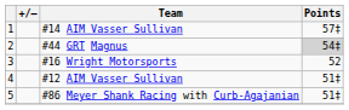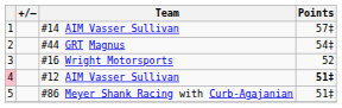 <table class="wikitable" style="font-size: 95%;">
 <tr>
 <th scope="col"></th>
 <th scope="col">+/–</th>
 <th scope="col">Team</th>
 <th scope="col">Points</th>
 </tr>
 <tr>
 <td align=center>1</td>
 <td align="left"></td>
 <td> #14 <a href='#'>AIM Vasser Sullivan</a></td>
 <td align=right>57‡</td>
 </tr>
 <tr>
 <td align=center>2</td>
 <td align="left"></td>
 <td> #44 <a href='#'>GRT</a> <a href='#'>Magnus</a></td>
-<td align=right style="background: lightgrey;">54‡</td>
+<td align=right>54‡</td>
 </tr>
 <tr>
 <td align=center>3</td>
 <td align="left"></td>
 <td> #16 <a href='#'>Wright Motorsports</a></td>
 <td align=right>52</td>
 </tr>
 <tr>
-<td align=center>4</td>
+<td align=center style="background: pink;">4</td>
 <td align="left"></td>
 <td> #12 <a href='#'>AIM Vasser Sullivan</a></td>
-<td align=right>51‡</td>
+<td align=right><strong>51‡</strong></td>
 </tr>
 <tr>
 <td align=center>5</td>
 <td align="left"></td>
 <td> #86 <a href='#'>Meyer Shank Racing</a> with <a href='#'>Curb-Agajanian</a></td>
 <td align=right>51‡</td>
 </tr>
 <tr>
 </tr>
 </table>
